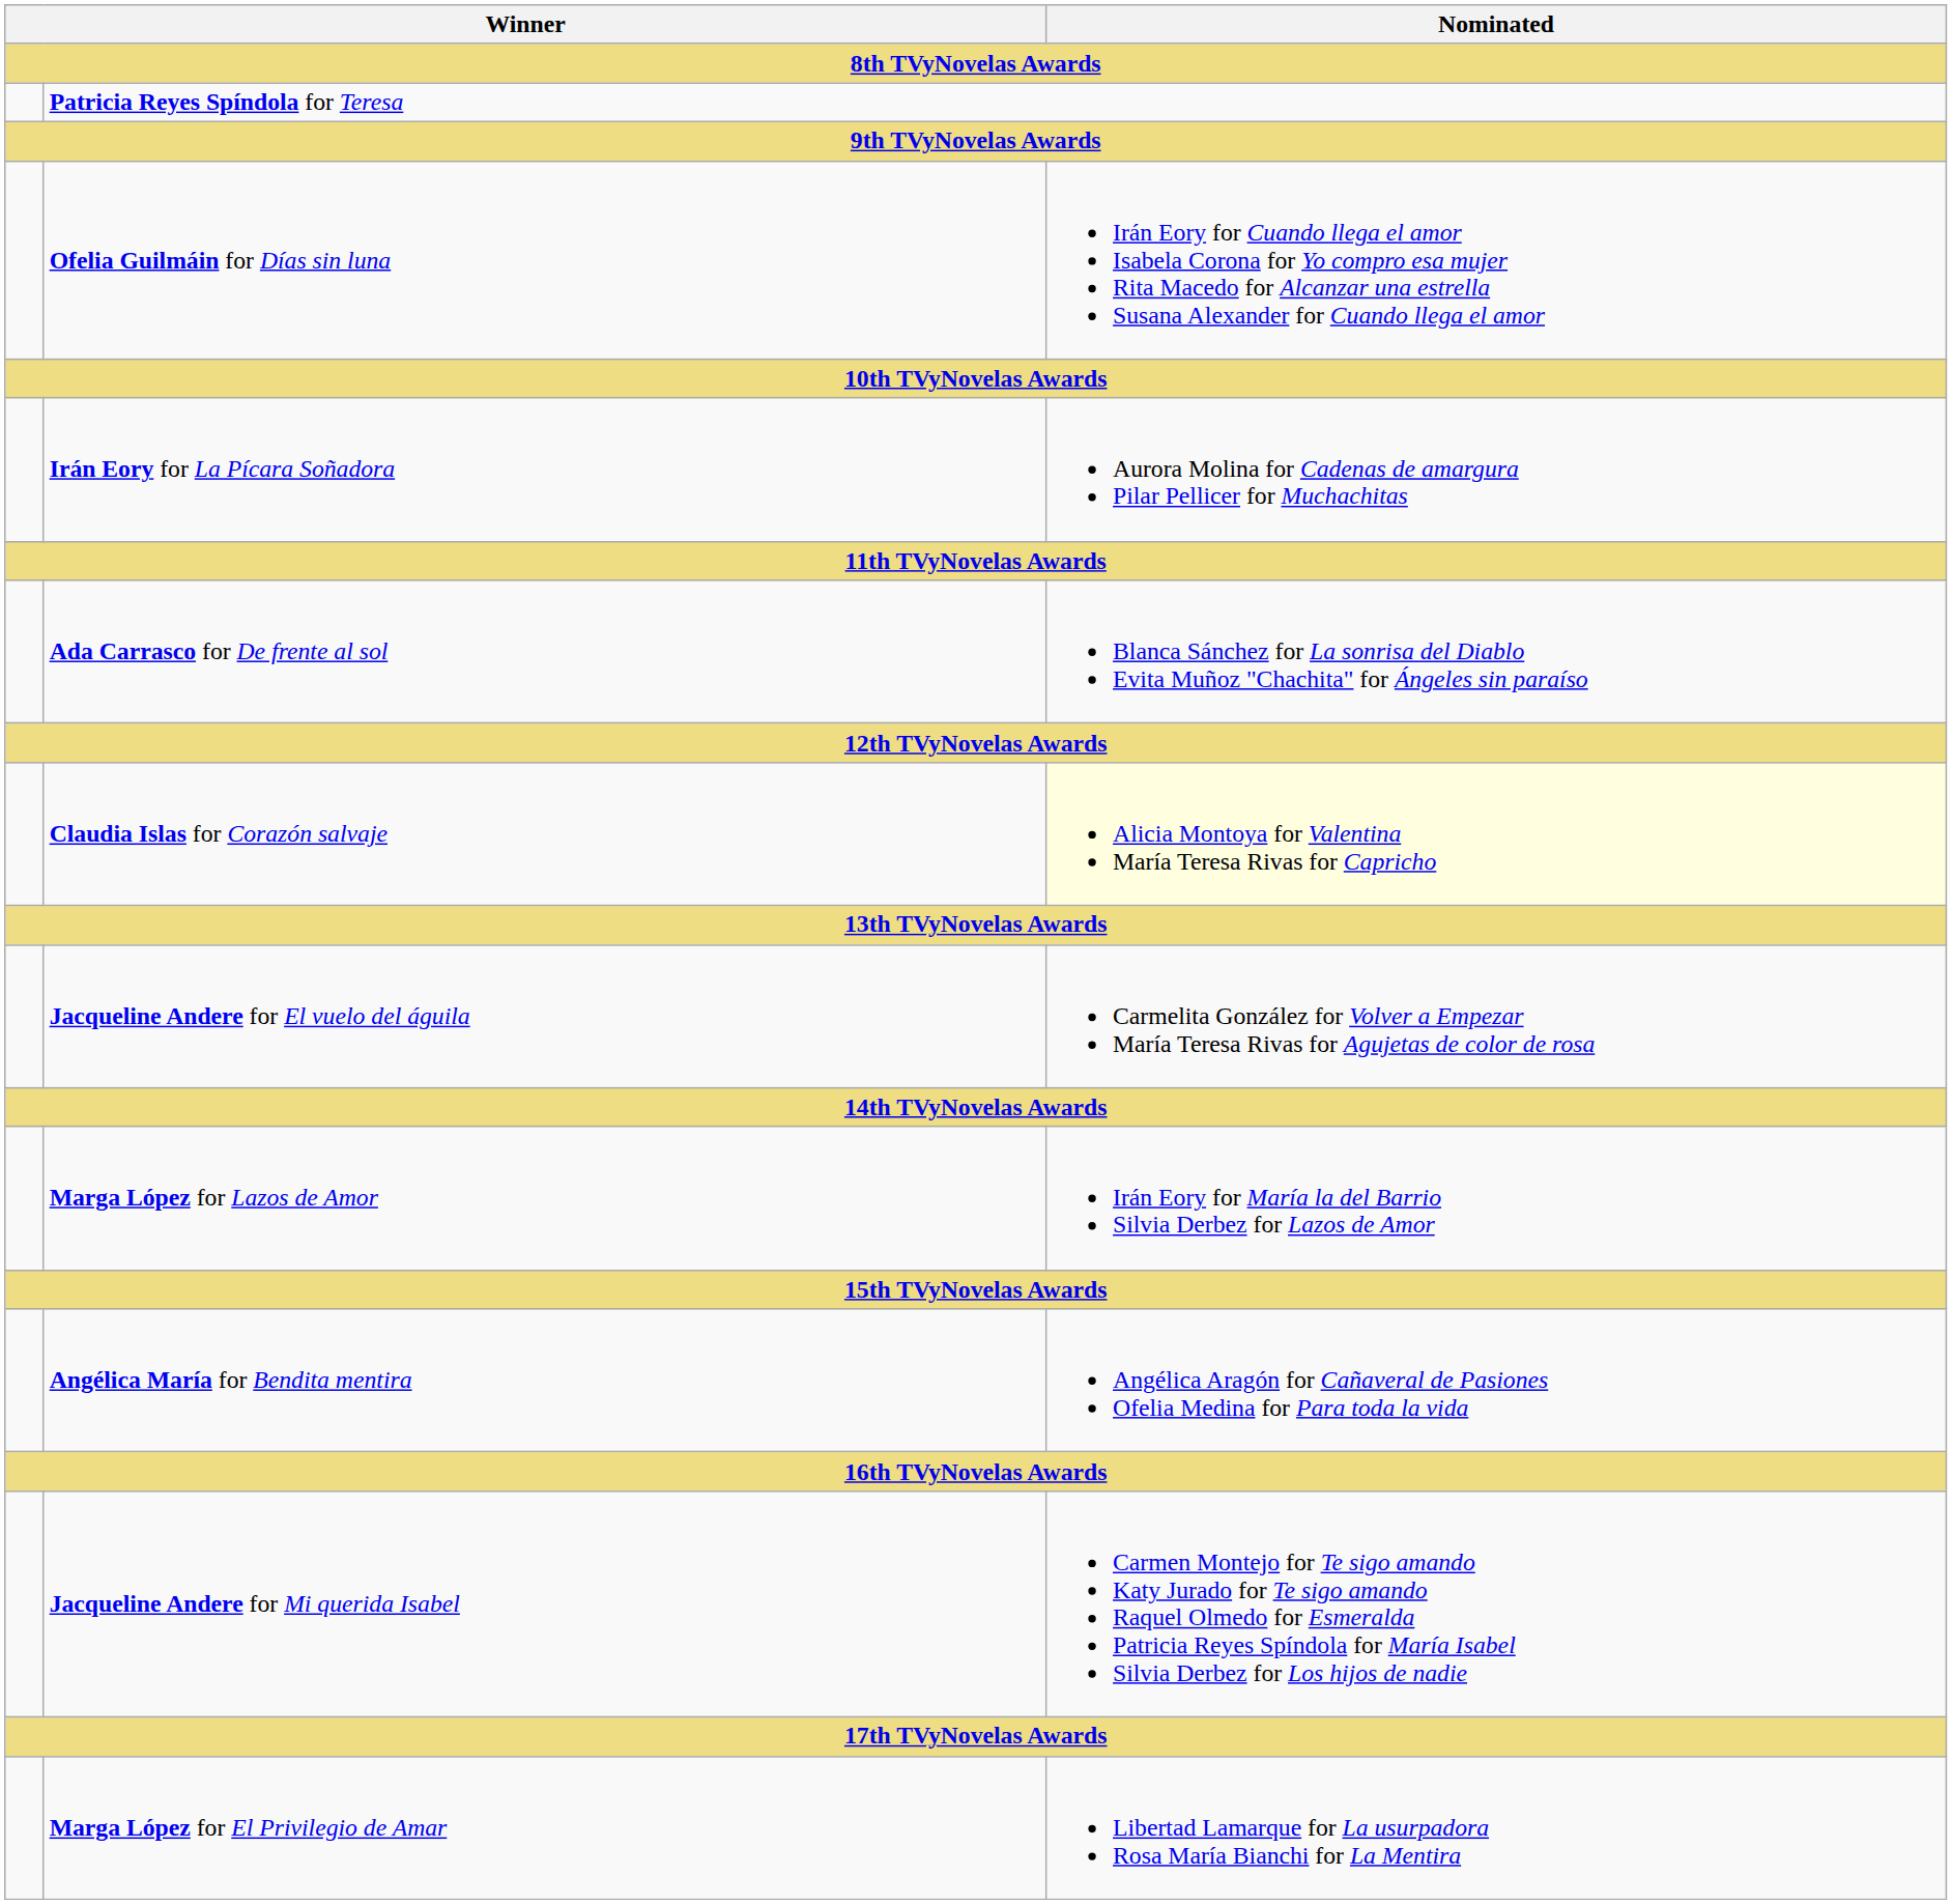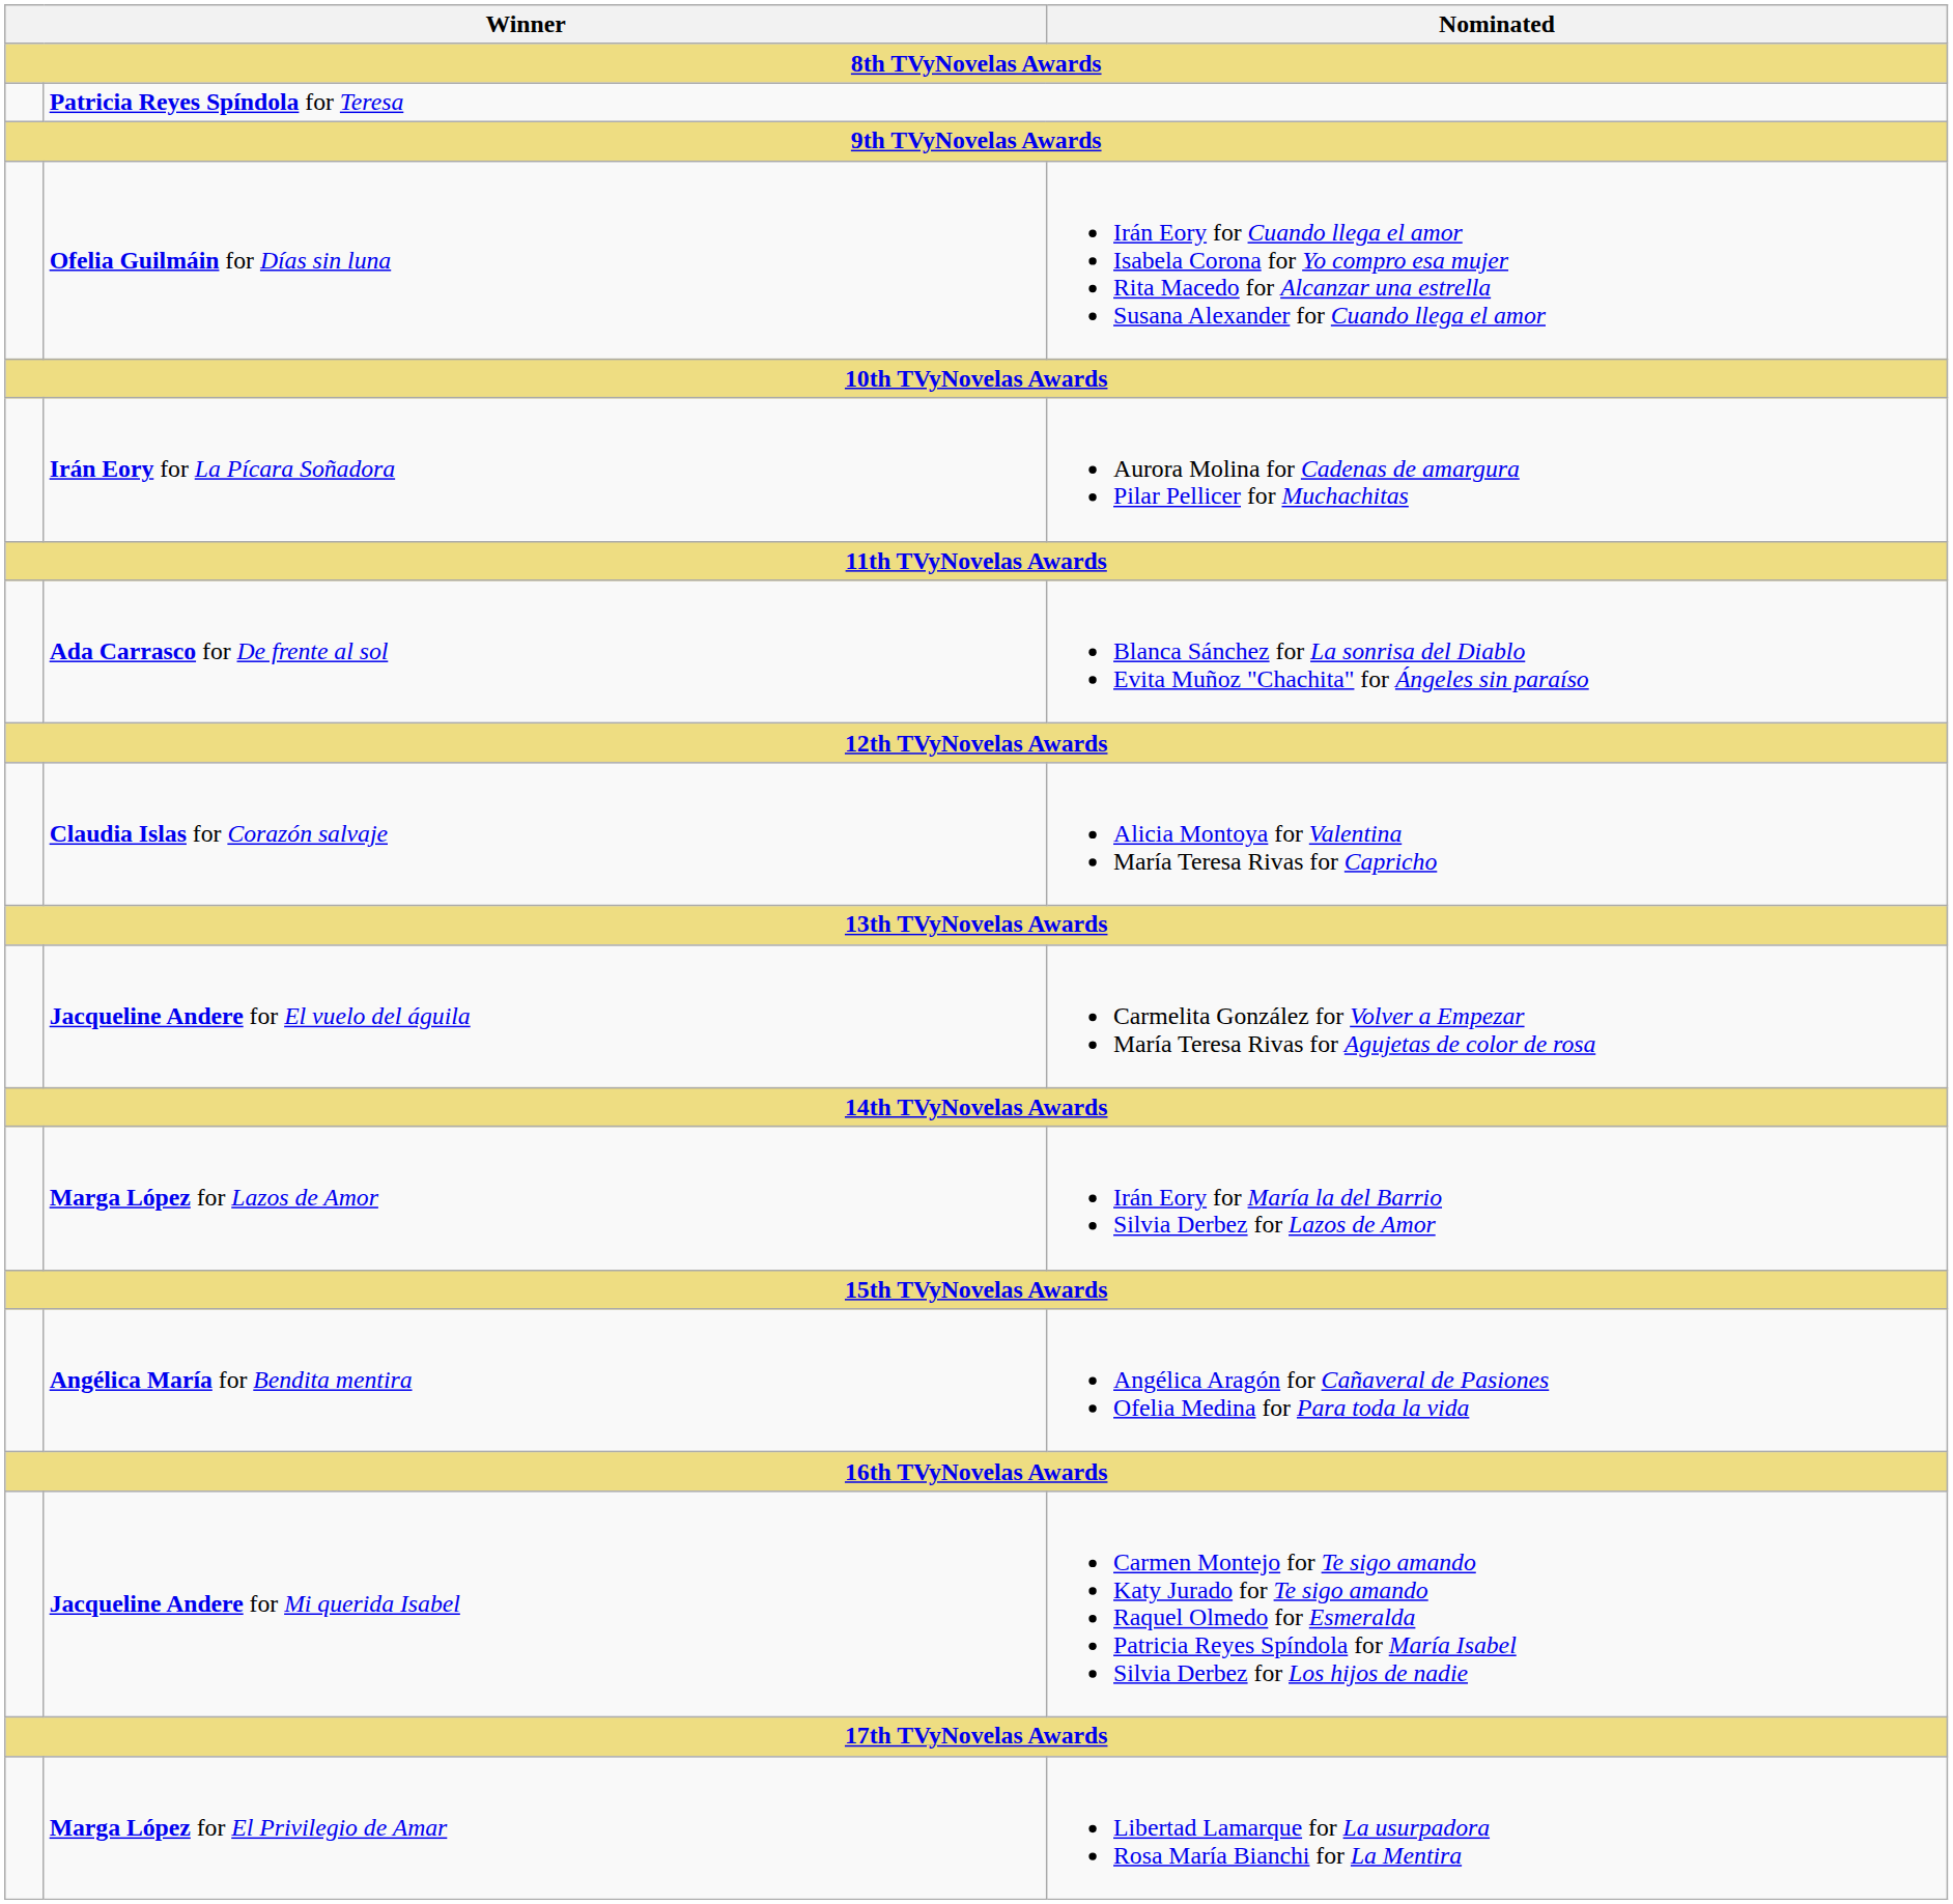 <table class="wikitable" width=80%>
 <tr align=center>
 <th width="150px;" colspan=2; align="center">Winner</th>
 <th width="580px;" align="center">Nominated</th>
 </tr>
 <tr>
 <th colspan=9 style="background:#EEDD82;"  align="center"><strong><a href='#'>8th TVyNovelas Awards</a></strong></th>
 </tr>
 <tr>
 <td width=2%></td>
 <td colspan=2><strong><a href='#'>Patricia Reyes Spíndola</a></strong> for <em><a href='#'>Teresa</a></em></td>
 </tr>
 <tr>
 <th colspan=9 style="background:#EEDD82;"  align="center"><strong><a href='#'>9th TVyNovelas Awards</a></strong></th>
 </tr>
 <tr>
 <td width=2%></td>
 <td><strong><a href='#'>Ofelia Guilmáin</a></strong> for <em><a href='#'>Días sin luna</a></em></td>
 <td><br><ul><li><a href='#'>Irán Eory</a> for <em><a href='#'>Cuando llega el amor</a></em></li><li><a href='#'>Isabela Corona</a> for <em><a href='#'>Yo compro esa mujer</a></em></li><li><a href='#'>Rita Macedo</a> for <em><a href='#'>Alcanzar una estrella</a></em></li><li><a href='#'>Susana Alexander</a> for <em><a href='#'>Cuando llega el amor</a></em></li></ul></td>
 </tr>
 <tr>
 <th colspan=9 style="background:#EEDD82;"  align="center"><strong><a href='#'>10th TVyNovelas Awards</a></strong></th>
 </tr>
 <tr>
 <td width=2%></td>
 <td><strong><a href='#'>Irán Eory</a></strong> for <em><a href='#'>La Pícara Soñadora</a></em></td>
 <td><br><ul><li>Aurora Molina for <em><a href='#'>Cadenas de amargura</a></em></li><li><a href='#'>Pilar Pellicer</a> for <em><a href='#'>Muchachitas</a></em></li></ul></td>
 </tr>
 <tr>
 <th colspan=9 style="background:#EEDD82;"  align="center"><strong><a href='#'>11th TVyNovelas Awards</a></strong></th>
 </tr>
 <tr>
 <td width=2%></td>
 <td><strong><a href='#'>Ada Carrasco</a></strong> for <em><a href='#'>De frente al sol</a></em></td>
 <td><br><ul><li><a href='#'>Blanca Sánchez</a> for <em><a href='#'>La sonrisa del Diablo</a></em></li><li><a href='#'>Evita Muñoz "Chachita"</a> for <em><a href='#'>Ángeles sin paraíso</a></em></li></ul></td>
 </tr>
 <tr>
 <th colspan=9 style="background:#EEDD82;"  align="center"><strong><a href='#'>12th TVyNovelas Awards</a></strong></th>
 </tr>
 <tr>
 <td width=2%></td>
 <td><strong><a href='#'>Claudia Islas</a></strong> for <em><a href='#'>Corazón salvaje</a></em></td>
-<td style="background: lightyellow;"><br><ul><li><a href='#'>Alicia Montoya</a> for <em><a href='#'>Valentina</a></em></li><li>María Teresa Rivas for <em><a href='#'>Capricho</a></em></li></ul></td>
+<td><br><ul><li><a href='#'>Alicia Montoya</a> for <em><a href='#'>Valentina</a></em></li><li>María Teresa Rivas for <em><a href='#'>Capricho</a></em></li></ul></td>
 </tr>
 <tr>
 <th colspan=9 style="background:#EEDD82;"  align="center"><strong><a href='#'>13th TVyNovelas Awards</a></strong></th>
 </tr>
 <tr>
 <td width=2%></td>
 <td><strong><a href='#'>Jacqueline Andere</a></strong> for <em><a href='#'>El vuelo del águila</a></em></td>
 <td><br><ul><li>Carmelita González for <em><a href='#'>Volver a Empezar</a></em></li><li>María Teresa Rivas for <em><a href='#'>Agujetas de color de rosa</a></em></li></ul></td>
 </tr>
 <tr>
 <th colspan=9 style="background:#EEDD82;"  align="center"><strong><a href='#'>14th TVyNovelas Awards</a></strong></th>
 </tr>
 <tr>
 <td width=2%></td>
 <td><strong><a href='#'>Marga López</a></strong> for <em><a href='#'>Lazos de Amor</a></em></td>
 <td><br><ul><li><a href='#'>Irán Eory</a> for <em><a href='#'>María la del Barrio</a></em></li><li><a href='#'>Silvia Derbez</a> for <em><a href='#'>Lazos de Amor</a></em></li></ul></td>
 </tr>
 <tr>
 <th colspan=9 style="background:#EEDD82;"  align="center"><strong><a href='#'>15th TVyNovelas Awards</a></strong></th>
 </tr>
 <tr>
 <td width=2%></td>
 <td><strong><a href='#'>Angélica María</a></strong> for <em><a href='#'>Bendita mentira</a></em></td>
 <td><br><ul><li><a href='#'>Angélica Aragón</a> for <em><a href='#'>Cañaveral de Pasiones</a></em></li><li><a href='#'>Ofelia Medina</a> for <em><a href='#'>Para toda la vida</a></em></li></ul></td>
 </tr>
 <tr>
 <th colspan=9 style="background:#EEDD82;"  align="center"><strong><a href='#'>16th TVyNovelas Awards</a></strong></th>
 </tr>
 <tr>
 <td width=2%></td>
 <td><strong><a href='#'>Jacqueline Andere</a></strong> for <em><a href='#'>Mi querida Isabel</a></em></td>
 <td><br><ul><li><a href='#'>Carmen Montejo</a> for <em><a href='#'>Te sigo amando</a></em></li><li><a href='#'>Katy Jurado</a> for <em><a href='#'>Te sigo amando</a></em></li><li><a href='#'>Raquel Olmedo</a> for <em><a href='#'>Esmeralda</a></em></li><li><a href='#'>Patricia Reyes Spíndola</a> for <em><a href='#'>María Isabel</a></em></li><li><a href='#'>Silvia Derbez</a> for <em><a href='#'>Los hijos de nadie</a></em></li></ul></td>
 </tr>
 <tr>
 <th colspan=9 style="background:#EEDD82;"  align="center"><strong><a href='#'>17th TVyNovelas Awards</a></strong></th>
 </tr>
 <tr>
 <td width=2%></td>
 <td><strong><a href='#'>Marga López</a></strong> for <em><a href='#'>El Privilegio de Amar</a></em></td>
 <td><br><ul><li><a href='#'>Libertad Lamarque</a> for <em><a href='#'>La usurpadora</a></em></li><li><a href='#'>Rosa María Bianchi</a> for <em><a href='#'>La Mentira</a></em></li></ul></td>
 </tr>
 </table>
